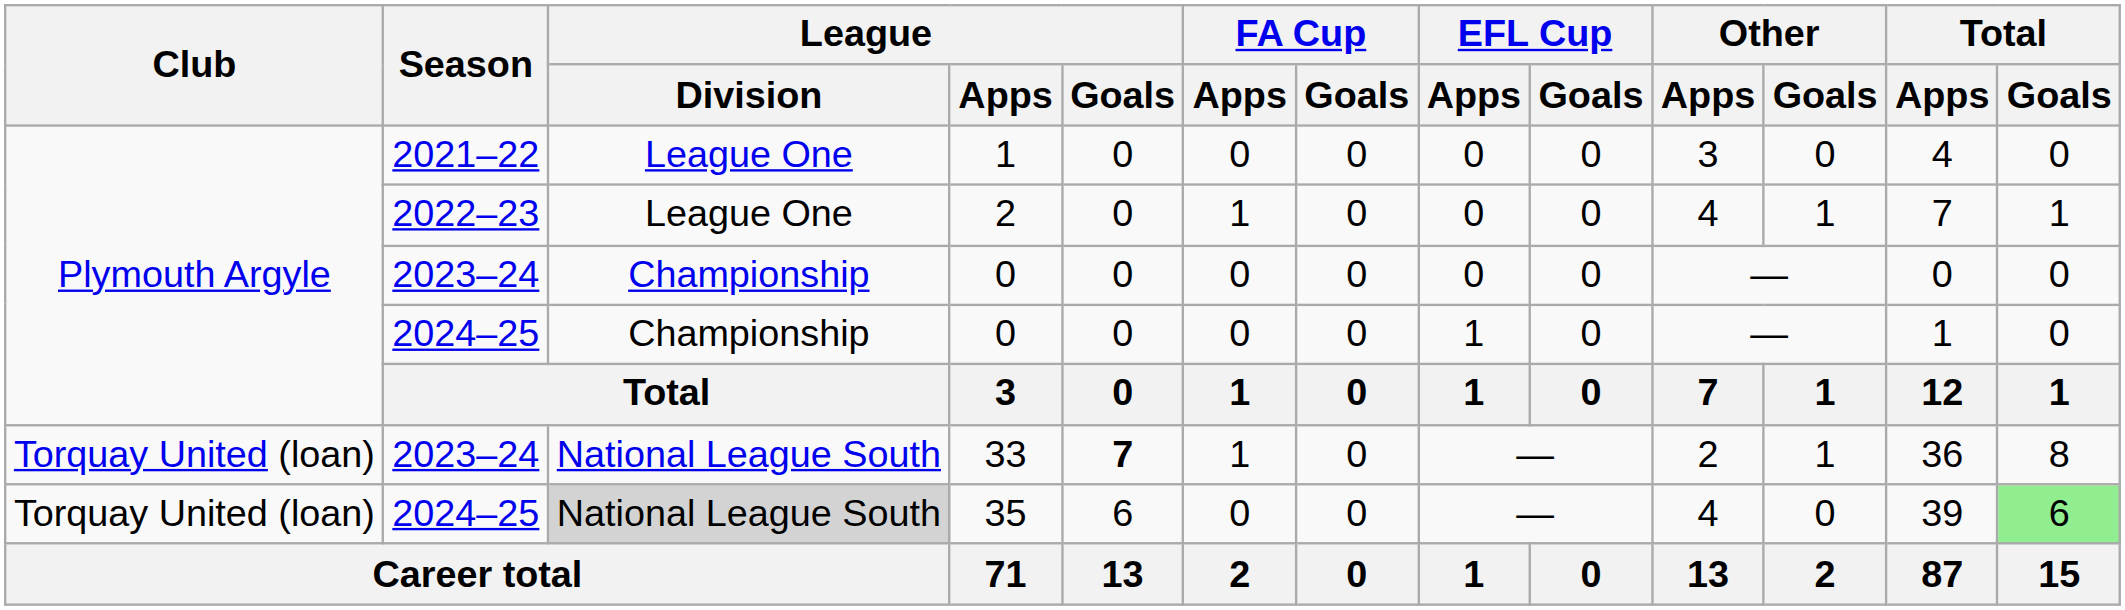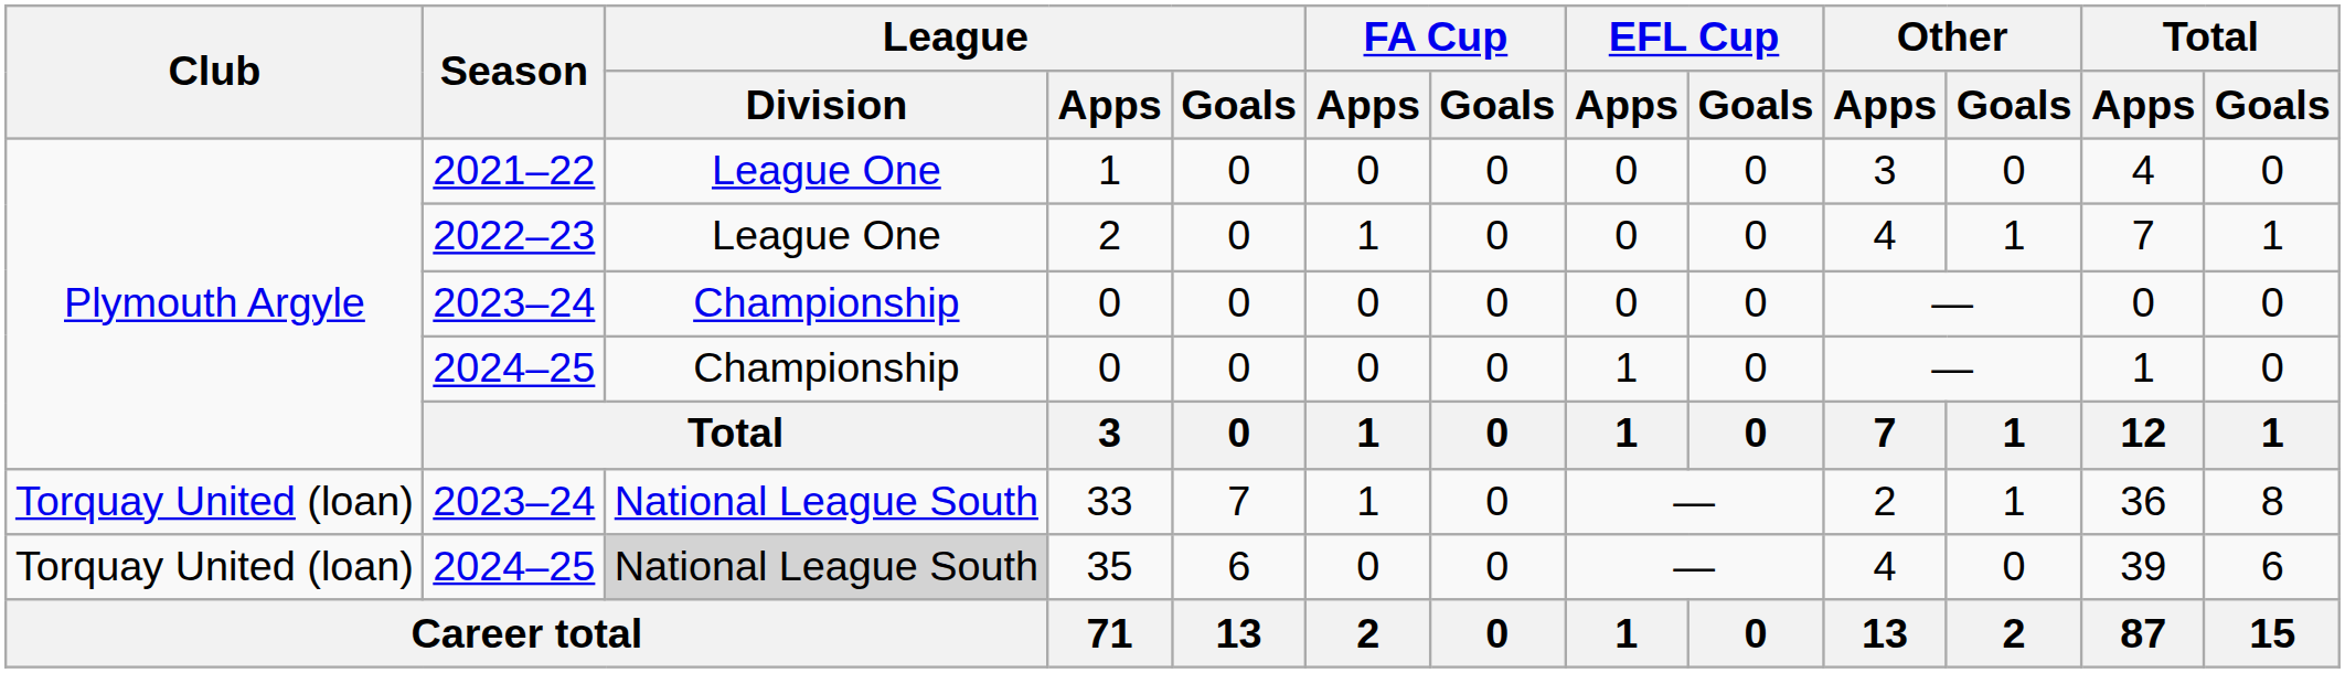 <table class=wikitable style="text-align: center">
 <tr>
 <th rowspan=2>Club</th>
 <th rowspan=2>Season</th>
 <th colspan=3>League</th>
 <th colspan=2><a href='#'>FA Cup</a></th>
 <th colspan=2><a href='#'>EFL Cup</a></th>
 <th colspan=2>Other</th>
 <th colspan=2>Total</th>
 </tr>
 <tr>
 <th>Division</th>
 <th>Apps</th>
 <th>Goals</th>
 <th>Apps</th>
 <th>Goals</th>
 <th>Apps</th>
 <th>Goals</th>
 <th>Apps</th>
 <th>Goals</th>
 <th>Apps</th>
 <th>Goals</th>
 </tr>
 <tr>
 <td rowspan=5><a href='#'>Plymouth Argyle</a></td>
 <td><a href='#'>2021–22</a></td>
 <td><a href='#'>League One</a></td>
 <td>1</td>
 <td>0</td>
 <td>0</td>
 <td>0</td>
 <td>0</td>
 <td>0</td>
 <td>3</td>
 <td>0</td>
 <td>4</td>
 <td>0</td>
 </tr>
 <tr>
 <td><a href='#'>2022–23</a></td>
 <td>League One</td>
 <td>2</td>
 <td>0</td>
 <td>1</td>
 <td>0</td>
 <td>0</td>
 <td>0</td>
 <td>4</td>
 <td>1</td>
 <td>7</td>
 <td>1</td>
 </tr>
 <tr>
 <td><a href='#'>2023–24</a></td>
 <td><a href='#'>Championship</a></td>
 <td>0</td>
 <td>0</td>
 <td>0</td>
 <td>0</td>
 <td>0</td>
 <td>0</td>
 <td colspan=2>—</td>
 <td>0</td>
 <td>0</td>
 </tr>
 <tr>
 <td><a href='#'>2024–25</a></td>
 <td>Championship</td>
 <td>0</td>
 <td>0</td>
 <td>0</td>
 <td>0</td>
 <td>1</td>
 <td>0</td>
 <td colspan=2>—</td>
 <td>1</td>
 <td>0</td>
 </tr>
 <tr>
 <th colspan=2>Total</th>
 <th>3</th>
 <th>0</th>
 <th>1</th>
 <th>0</th>
 <th>1</th>
 <th>0</th>
 <th>7</th>
 <th>1</th>
 <th>12</th>
 <th>1</th>
 </tr>
 <tr>
 <td><a href='#'>Torquay United</a> (loan)</td>
 <td><a href='#'>2023–24</a></td>
 <td><a href='#'>National League South</a></td>
 <td>33</td>
-<td><strong>7</strong></td>
+<td>7</td>
 <td>1</td>
 <td>0</td>
 <td colspan=2>—</td>
 <td>2</td>
 <td>1</td>
 <td>36</td>
 <td>8</td>
 </tr>
 <tr>
 <td>Torquay United (loan)</td>
 <td><a href='#'>2024–25</a></td>
 <td style="background: lightgrey;">National League South</td>
 <td>35</td>
 <td>6</td>
 <td>0</td>
 <td>0</td>
 <td colspan=2>—</td>
 <td>4</td>
 <td>0</td>
 <td>39</td>
-<td style="background: lightgreen;">6</td>
+<td>6</td>
 </tr>
 <tr>
 <th colspan=3>Career total</th>
 <th>71</th>
 <th>13</th>
 <th>2</th>
 <th>0</th>
 <th>1</th>
 <th>0</th>
 <th>13</th>
 <th>2</th>
 <th>87</th>
 <th>15</th>
 </tr>
 </table>
